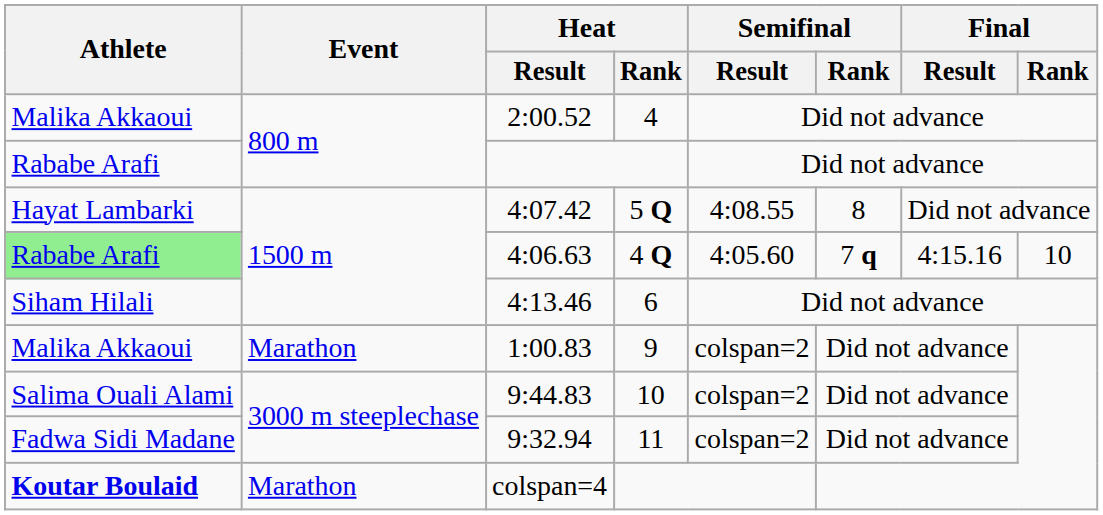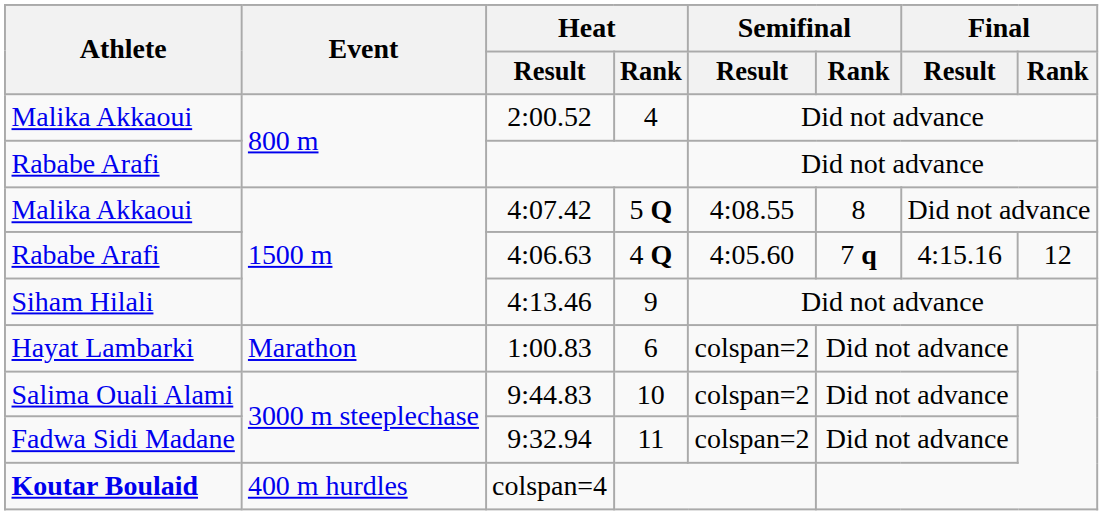 <table class="wikitable" style="font-size:90%">
 <tr>
 <th rowspan="2">Athlete</th>
 <th rowspan="2">Event</th>
 <th colspan="2">Heat</th>
 <th colspan="2">Semifinal</th>
 <th colspan="2">Final</th>
 </tr>
 <tr style="font-size:95%">
 <th>Result</th>
 <th>Rank</th>
 <th>Result</th>
 <th>Rank</th>
 <th>Result</th>
 <th>Rank</th>
 </tr>
 <tr align=center>
 <td align=left><a href='#'>Malika Akkaoui</a></td>
 <td align=left rowspan=2><a href='#'>800 m</a></td>
 <td>2:00.52</td>
 <td>4</td>
 <td colspan=4>Did not advance</td>
 </tr>
 <tr align=center>
 <td align=left><a href='#'>Rababe Arafi</a></td>
 <td colspan=2></td>
 <td colspan=4>Did not advance</td>
 </tr>
 <tr align=center>
-<td align=left><a href='#'>Hayat Lambarki</a></td>
+<td align=left><a href='#'>Malika Akkaoui</a></td>
 <td align=left rowspan=3><a href='#'>1500 m</a></td>
 <td>4:07.42</td>
 <td>5 <strong>Q</strong></td>
 <td>4:08.55</td>
 <td>8</td>
 <td colspan=2>Did not advance</td>
 </tr>
 <tr align=center>
-<td align=left style="background: lightgreen;"><a href='#'>Rababe Arafi</a></td>
+<td align=left><a href='#'>Rababe Arafi</a></td>
 <td>4:06.63</td>
 <td>4 <strong>Q</strong></td>
 <td>4:05.60</td>
 <td>7 <strong>q</strong></td>
 <td>4:15.16</td>
-<td>10</td>
+<td>12</td>
 </tr>
 <tr align=center>
 <td align=left><a href='#'>Siham Hilali</a></td>
 <td>4:13.46</td>
-<td>6</td>
+<td>9</td>
 <td colspan=4>Did not advance</td>
 </tr>
 <tr align=center>
-<td align=left><a href='#'>Malika Akkaoui</a></td>
+<td align=left><a href='#'>Hayat Lambarki</a></td>
 <td align=left><a href='#'>Marathon</a></td>
 <td>1:00.83</td>
-<td>9</td>
+<td>6</td>
 <td>colspan=2 </td>
 <td colspan=2>Did not advance</td>
 </tr>
 <tr align=center>
 <td align=left><a href='#'>Salima Ouali Alami</a></td>
 <td align=left rowspan=2><a href='#'>3000 m steeplechase</a></td>
 <td>9:44.83</td>
 <td>10</td>
 <td>colspan=2 </td>
 <td colspan=2>Did not advance</td>
 </tr>
 <tr align=center>
 <td align=left><a href='#'>Fadwa Sidi Madane</a></td>
 <td>9:32.94</td>
 <td>11</td>
 <td>colspan=2 </td>
 <td colspan=2>Did not advance</td>
 </tr>
 <tr align=center>
 <td align=left><strong><a href='#'>Koutar Boulaid</a></strong></td>
-<td align=left><a href='#'>Marathon</a></td>
+<td align=left><a href='#'>400 m hurdles</a></td>
 <td>colspan=4 </td>
 <td colspan=2></td>
 </tr>
 </table>
